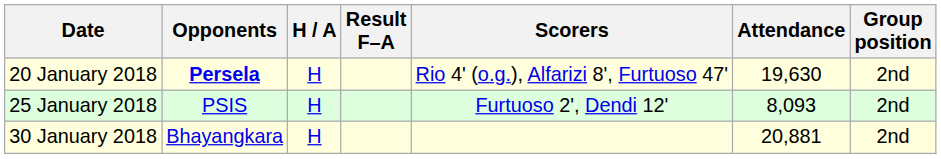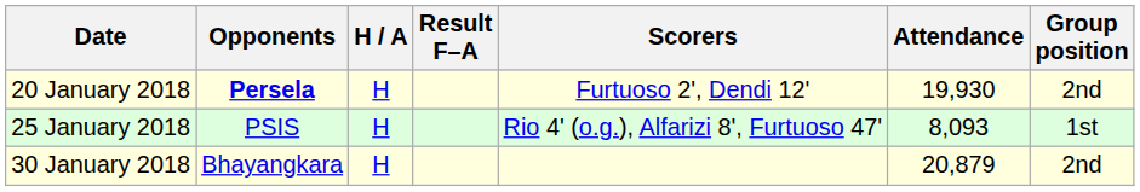 <table class="wikitable" style="text-align:center">
 <tr>
 <th>Date</th>
 <th>Opponents</th>
 <th>H / A</th>
 <th>Result<br>F–A</th>
 <th>Scorers</th>
 <th>Attendance</th>
 <th>Group<br>position</th>
 </tr>
 <tr style="background:#ffffdd">
 <td>20 January 2018</td>
 <td><strong><a href='#'>Persela</a></strong></td>
 <td><a href='#'>H</a></td>
 <td></td>
-<td><a href='#'>Rio</a> 4' (<a href='#'>o.g.</a>), <a href='#'>Alfarizi</a> 8', <a href='#'>Furtuoso</a> 47'</td>
-<td>19,630</td>
+<td><a href='#'>Furtuoso</a> 2', <a href='#'>Dendi</a> 12'</td>
+<td>19,930</td>
 <td>2nd</td>
 </tr>
 <tr style="background:#ddffdd">
 <td>25 January 2018</td>
 <td><a href='#'>PSIS</a></td>
 <td><a href='#'>H</a></td>
 <td></td>
-<td><a href='#'>Furtuoso</a> 2', <a href='#'>Dendi</a> 12'</td>
+<td><a href='#'>Rio</a> 4' (<a href='#'>o.g.</a>), <a href='#'>Alfarizi</a> 8', <a href='#'>Furtuoso</a> 47'</td>
 <td>8,093</td>
-<td>2nd</td>
+<td>1st</td>
 </tr>
 <tr style="background:#ffffdd">
 <td>30 January 2018</td>
 <td><a href='#'>Bhayangkara</a></td>
 <td><a href='#'>H</a></td>
 <td></td>
 <td></td>
-<td>20,881</td>
+<td>20,879</td>
 <td>2nd</td>
 </tr>
 </table>
